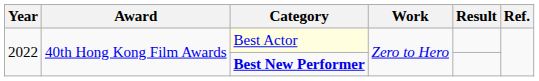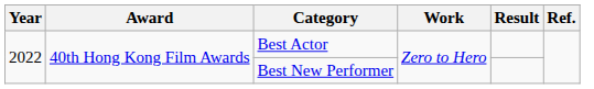 <table class="wikitable plainrowheaders">
 <tr>
 <th>Year</th>
 <th>Award</th>
 <th>Category</th>
 <th>Work</th>
 <th>Result</th>
 <th>Ref.</th>
 </tr>
 <tr>
 <td rowspan="2">2022</td>
 <td rowspan="2"><a href='#'>40th Hong Kong Film Awards</a></td>
-<td style="background: lightyellow;"><a href='#'>Best Actor</a></td>
+<td><a href='#'>Best Actor</a></td>
 <td rowspan="2"><em><a href='#'>Zero to Hero</a></em></td>
 <td></td>
 <td rowspan="2"></td>
 </tr>
 <tr>
-<td><strong><a href='#'>Best New Performer</a></strong></td>
+<td><a href='#'>Best New Performer</a></td>
 <td></td>
 </tr>
 </table>
